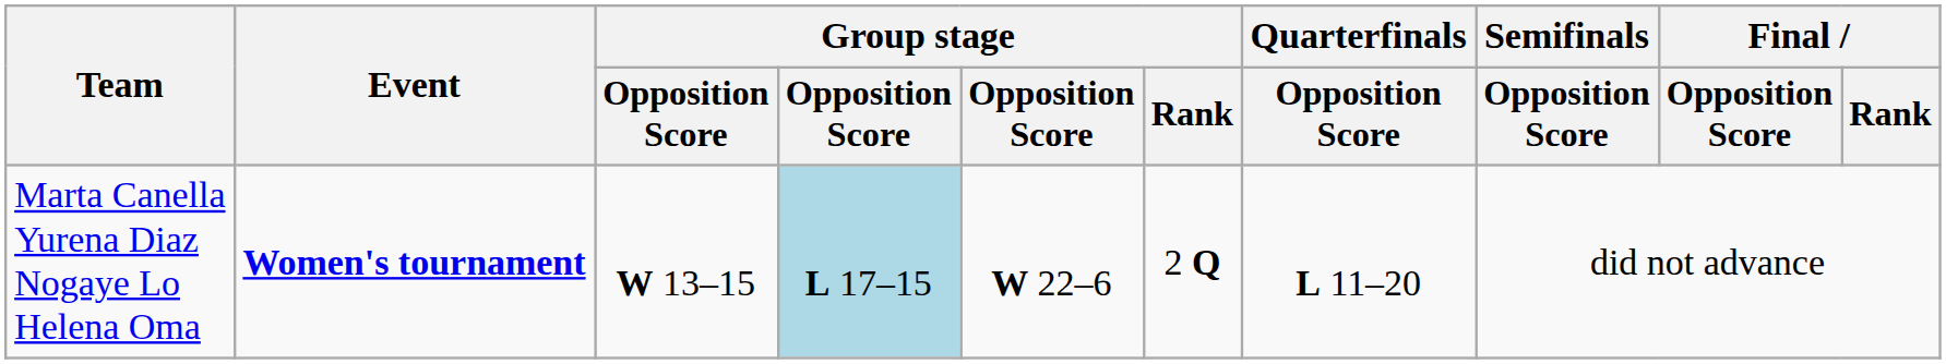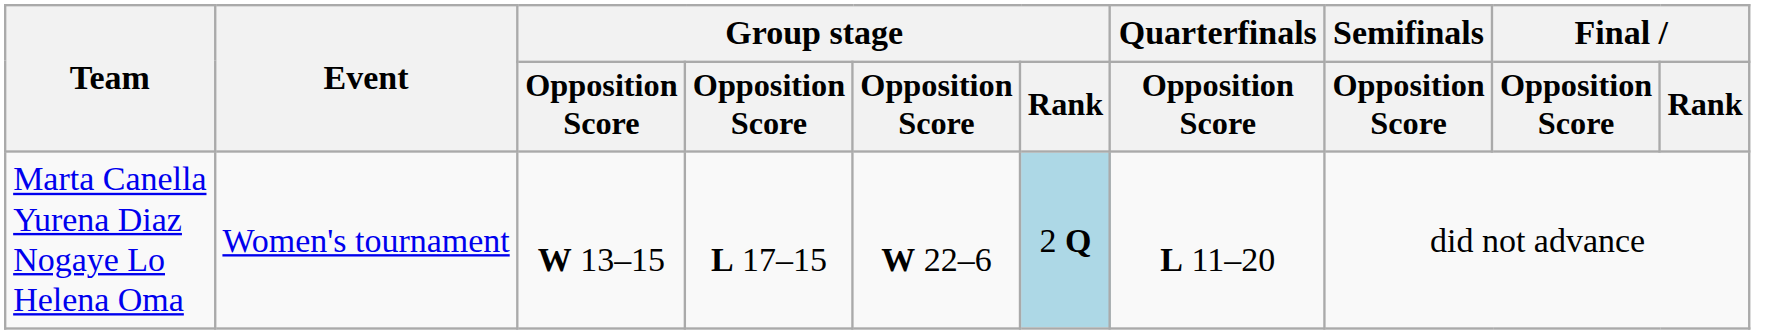 <table class="wikitable" style="text-align:center; font-size:90%">
 <tr>
 <th rowspan=2>Team</th>
 <th rowspan=2>Event</th>
 <th colspan=4>Group stage</th>
 <th>Quarterfinals</th>
 <th>Semifinals</th>
 <th colspan=2>Final / </th>
 </tr>
 <tr style="font-size:95%">
 <th>Opposition<br>Score</th>
 <th>Opposition<br>Score</th>
 <th>Opposition<br>Score</th>
 <th>Rank</th>
 <th>Opposition<br>Score</th>
 <th>Opposition<br>Score</th>
 <th>Opposition<br>Score</th>
 <th>Rank</th>
 </tr>
 <tr>
 <td align=left><a href='#'>Marta Canella</a><br><a href='#'>Yurena Diaz</a><br><a href='#'>Nogaye Lo</a><br><a href='#'>Helena Oma</a></td>
-<td align=left><strong><a href='#'>Women's tournament</a></strong></td>
+<td align=left><a href='#'>Women's tournament</a></td>
 <td><br><strong>W</strong> 13–15</td>
-<td style="background: lightblue;"><br><strong>L</strong> 17–15</td>
+<td><br><strong>L</strong> 17–15</td>
 <td><br><strong>W</strong> 22–6</td>
-<td>2 <strong>Q</strong></td>
+<td style="background: lightblue;">2 <strong>Q</strong></td>
 <td><br><strong>L</strong> 11–20</td>
 <td colspan=3>did not advance</td>
 </tr>
 </table>
